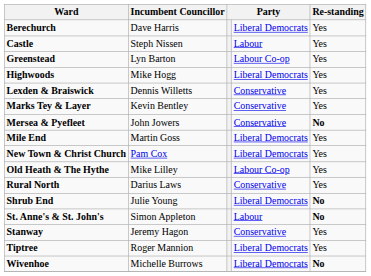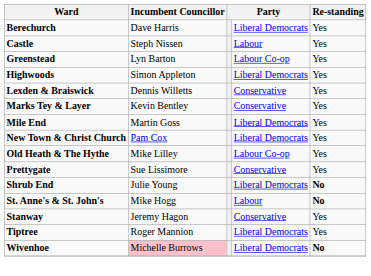 <table class="wikitable sortable">
 <tr>
 <th>Ward</th>
 <th>Incumbent Councillor</th>
 <th colspan="2">Party</th>
 <th>Re-standing</th>
 </tr>
 <tr>
 <td align="left"><strong>Berechurch</strong></td>
 <td align="left">Dave Harris</td>
 <th style="color:inherit;background-color: "></th>
 <td><a href='#'>Liberal Democrats</a></td>
 <td>Yes</td>
 </tr>
 <tr>
 <td align="left"><strong>Castle</strong></td>
 <td align="left">Steph Nissen</td>
 <th style="color:inherit;background-color: "></th>
 <td><a href='#'>Labour</a></td>
 <td>Yes</td>
 </tr>
 <tr>
 <td align="left"><strong>Greenstead</strong></td>
 <td align="left">Lyn Barton</td>
 <th style="color:inherit;background-color: "></th>
 <td><a href='#'>Labour Co-op</a></td>
 <td>Yes</td>
 </tr>
 <tr>
 <td align="left"><strong>Highwoods</strong></td>
-<td align="left">Mike Hogg</td>
+<td align="left">Simon Appleton</td>
 <th style="color:inherit;background-color: "></th>
 <td><a href='#'>Liberal Democrats</a></td>
 <td>Yes</td>
 </tr>
 <tr>
 <td align="left"><strong>Lexden & Braiswick</strong></td>
 <td align="left">Dennis Willetts</td>
 <th style="color:inherit;background-color: "></th>
 <td><a href='#'>Conservative</a></td>
 <td>Yes</td>
 </tr>
 <tr>
 <td align="left"><strong>Marks Tey & Layer</strong></td>
 <td align="left">Kevin Bentley</td>
 <th style="color:inherit;background-color: "></th>
 <td><a href='#'>Conservative</a></td>
 <td>Yes</td>
-</tr>
-<tr>
-<td align="left"><strong>Mersea & Pyefleet</strong></td>
-<td align="left">John Jowers</td>
-<th style="color:inherit;background-color: "></th>
-<td><a href='#'>Conservative</a></td>
-<td><strong>No</strong></td>
 </tr>
 <tr>
 <td align="left"><strong>Mile End</strong></td>
 <td align="left">Martin Goss</td>
 <th style="color:inherit;background-color: "></th>
 <td><a href='#'>Liberal Democrats</a></td>
 <td>Yes</td>
 </tr>
 <tr>
 <td align="left"><strong>New Town & Christ Church</strong></td>
 <td align="left"><a href='#'>Pam Cox</a></td>
 <th style="color:inherit;background-color: "></th>
 <td><a href='#'>Liberal Democrats</a></td>
 <td>Yes</td>
 </tr>
 <tr>
 <td align="left"><strong>Old Heath & The Hythe</strong></td>
 <td align="left">Mike Lilley</td>
 <th style="color:inherit;background-color: "></th>
 <td><a href='#'>Labour Co-op</a></td>
 <td>Yes</td>
 </tr>
 <tr>
-<td align="left"><strong>Rural North</strong></td>
-<td align="left">Darius Laws</td>
+<td align="left"><strong>Prettygate</strong></td>
+<td align="left">Sue Lissimore</td>
 <th style="color:inherit;background-color: "></th>
 <td><a href='#'>Conservative</a></td>
 <td>Yes</td>
 </tr>
 <tr>
 <td align="left"><strong>Shrub End</strong></td>
 <td align="left">Julie Young</td>
 <th style="color:inherit;background-color: "></th>
 <td><a href='#'>Liberal Democrats</a></td>
 <td><strong>No</strong></td>
 </tr>
 <tr>
 <td align="left"><strong>St. Anne's & St. John's</strong></td>
-<td align="left">Simon Appleton</td>
+<td align="left">Mike Hogg</td>
 <th style="color:inherit;background-color: "></th>
 <td><a href='#'>Labour</a></td>
 <td><strong>No</strong></td>
 </tr>
 <tr>
 <td align="left"><strong>Stanway</strong></td>
 <td align="left">Jeremy Hagon</td>
 <th style="color:inherit;background-color: "></th>
 <td><a href='#'>Conservative</a></td>
 <td>Yes</td>
 </tr>
 <tr>
 <td align="left"><strong>Tiptree</strong></td>
 <td align="left">Roger Mannion</td>
 <th style="color:inherit;background-color: "></th>
 <td><a href='#'>Liberal Democrats</a></td>
 <td>Yes</td>
 </tr>
 <tr>
 <td align="left"><strong>Wivenhoe</strong></td>
-<td align="left">Michelle Burrows</td>
+<td align="left" style="background: pink;">Michelle Burrows</td>
 <th style="color:inherit;background-color: "></th>
 <td><a href='#'>Liberal Democrats</a></td>
 <td><strong>No</strong></td>
 </tr>
 <tr>
 </tr>
 </table>
